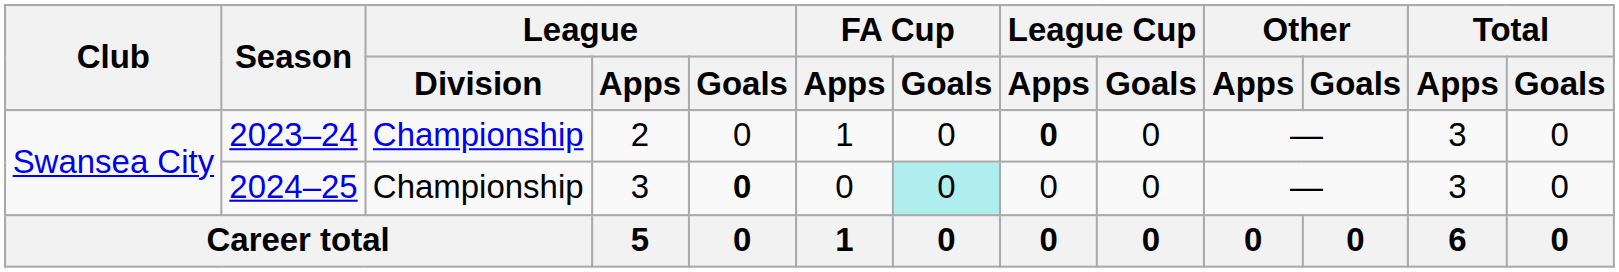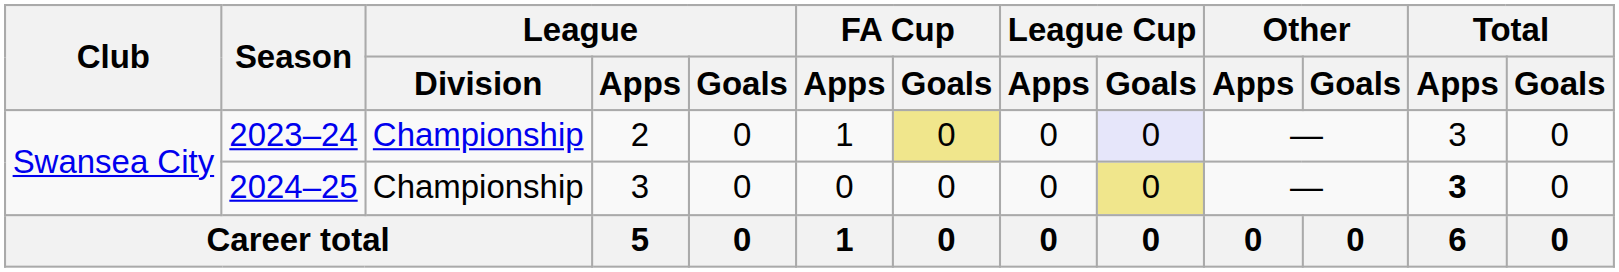 <table class="wikitable" style="text-align: center;">
 <tr>
 <th rowspan="2">Club</th>
 <th rowspan="2">Season</th>
 <th colspan="3">League</th>
 <th colspan="2">FA Cup</th>
 <th colspan="2">League Cup</th>
 <th colspan="2">Other</th>
 <th colspan="2">Total</th>
 </tr>
 <tr>
 <th>Division</th>
 <th>Apps</th>
 <th>Goals</th>
 <th>Apps</th>
 <th>Goals</th>
 <th>Apps</th>
 <th>Goals</th>
 <th>Apps</th>
 <th>Goals</th>
 <th>Apps</th>
 <th>Goals</th>
 </tr>
 <tr>
 <td rowspan=2><a href='#'>Swansea City</a></td>
 <td><a href='#'>2023–24</a></td>
 <td><a href='#'>Championship</a></td>
 <td>2</td>
 <td>0</td>
 <td>1</td>
+<td style="background: khaki;">0</td>
 <td>0</td>
-<td><strong>0</strong></td>
-<td>0</td>
+<td style="background: lavender;">0</td>
 <td colspan=2>—</td>
 <td>3</td>
 <td>0</td>
 </tr>
 <tr>
 <td><a href='#'>2024–25</a></td>
 <td>Championship</td>
 <td>3</td>
-<td><strong>0</strong></td>
-<td>0</td>
-<td style="background: paleturquoise;">0</td>
 <td>0</td>
 <td>0</td>
+<td>0</td>
+<td>0</td>
+<td style="background: khaki;">0</td>
 <td colspan=2>—</td>
-<td>3</td>
+<td><strong>3</strong></td>
 <td>0</td>
 </tr>
 <tr>
 <th colspan="3">Career total</th>
 <th>5</th>
 <th>0</th>
 <th>1</th>
 <th>0</th>
 <th>0</th>
 <th>0</th>
 <th>0</th>
 <th>0</th>
 <th>6</th>
 <th>0</th>
 </tr>
 </table>
